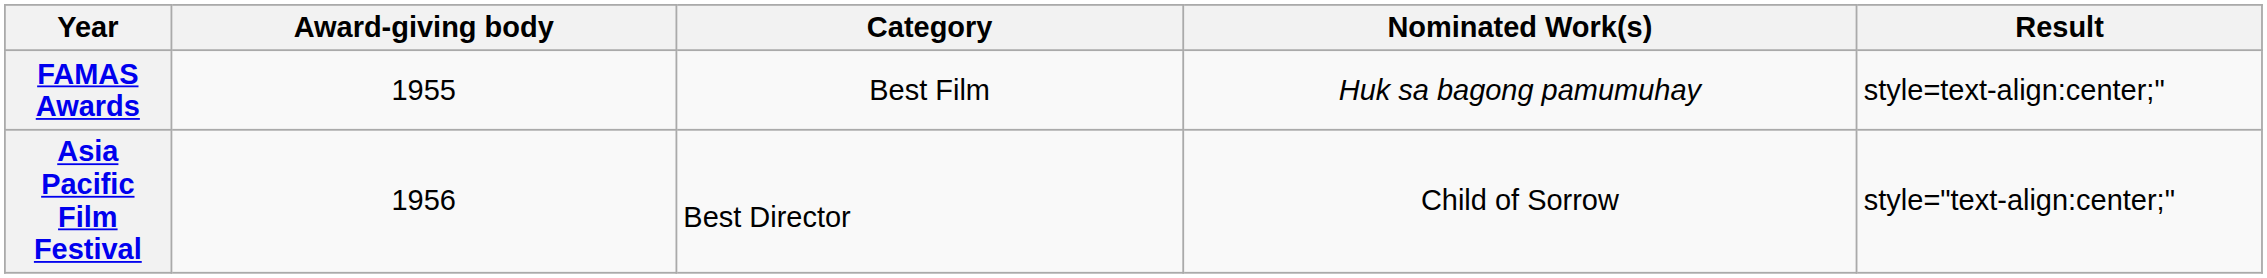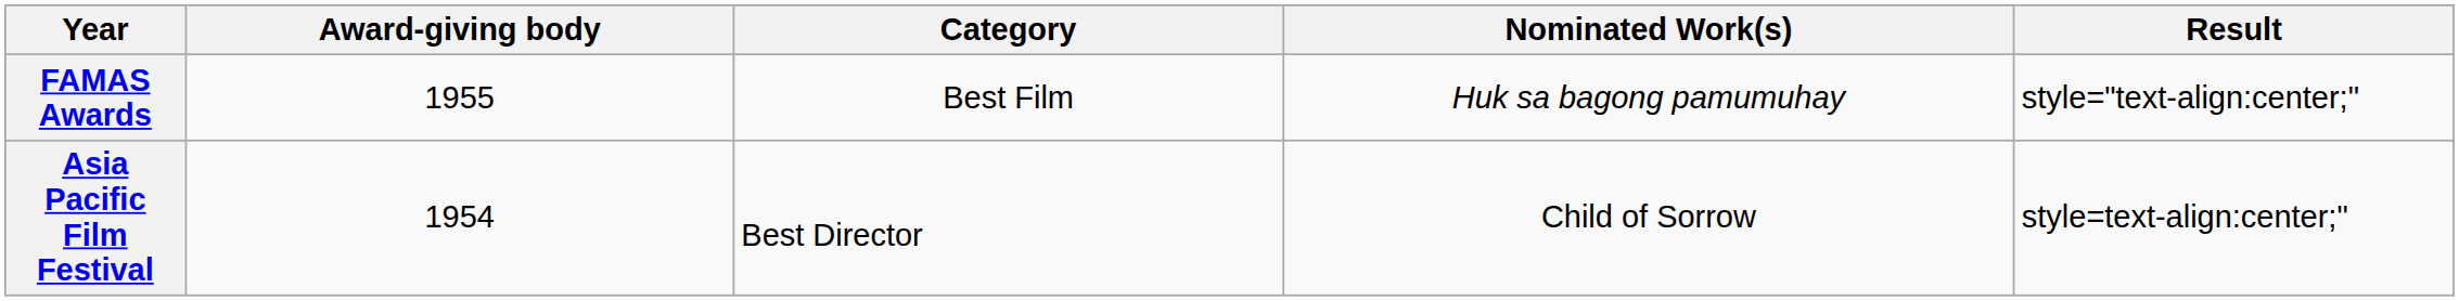 <table class= "wikitable sortable">
 <tr>
 <th Width=4%>Year</th>
 <th Width=15%>Award-giving body</th>
 <th Width=15%>Category</th>
 <th Width=20%>Nominated Work(s)</th>
 <th Width=12% colspan=2>Result</th>
 </tr>
 <tr>
 <th style="text-align:center;"><a href='#'>FAMAS Awards</a></th>
 <td style="text-align:center;">1955</td>
 <td style="text-align:center;">Best Film</td>
 <td style="text-align:center;"><em>Huk sa bagong pamumuhay</em></td>
-<td>style=text-align:center;" </td>
+<td>style="text-align:center;"</td>
 </tr>
 <tr>
 <th style="text-align:center;"><a href='#'>Asia Pacific Film Festival</a></th>
-<td style="text-align:center;">1956</td>
+<td style="text-align:center;">1954</td>
 <td style="text-align;center;"><br>Best Director</td>
 <td style="text-align:Center;">Child of Sorrow</td>
-<td>style="text-align:center;"</td>
+<td>style=text-align:center;" </td>
 </tr>
 </table>
